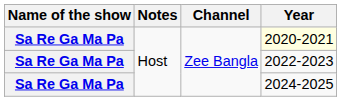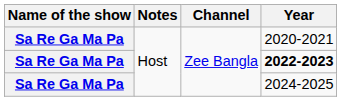 <table class="wikitable plainrowheaders sortable">
 <tr>
 <th scope="col">Name of the show</th>
 <th scope="col">Notes</th>
 <th scope="col">Channel</th>
 <th scope="col">Year</th>
 </tr>
 <tr>
 <th scope="row"><a href='#'> Sa Re Ga Ma Pa</a></th>
 <td rowspan=4>Host</td>
 <td rowspan=4><a href='#'>Zee Bangla</a></td>
-<td style="background: lightyellow;">2020-2021</td>
+<td>2020-2021</td>
 </tr>
 <tr>
 <th scope="row"><a href='#'> Sa Re Ga Ma Pa</a></th>
-<td>2022-2023</td>
+<td><strong>2022-2023</strong></td>
 </tr>
 <tr>
 <th scope="row"><a href='#'> Sa Re Ga Ma Pa</a></th>
 <td>2024-2025</td>
 </tr>
 </table>
